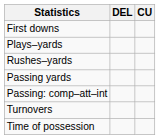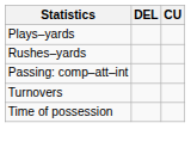 <table class="wikitable" style="float:left">
 <tr>
 <th>Statistics</th>
 <th>DEL</th>
 <th>CU</th>
-</tr>
-<tr>
-<td>First downs</td>
-<td></td>
-<td></td>
 </tr>
 <tr>
 <td>Plays–yards</td>
 <td></td>
 <td></td>
 </tr>
 <tr>
 <td>Rushes–yards</td>
-<td></td>
-<td></td>
-</tr>
-<tr>
-<td>Passing yards</td>
 <td></td>
 <td></td>
 </tr>
 <tr>
 <td>Passing: comp–att–int</td>
 <td></td>
 <td></td>
 </tr>
 <tr>
 <td>Turnovers</td>
 <td></td>
 <td></td>
 </tr>
 <tr>
 <td>Time of possession</td>
 <td></td>
 <td></td>
 </tr>
 </table>
